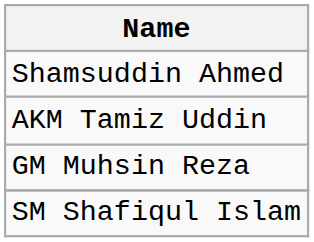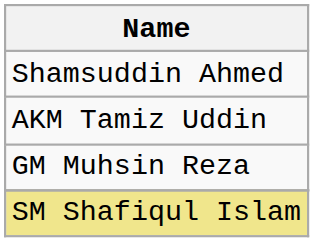 <table class="wikitable">
 <tr>
 <th>Name</th>
 </tr>
 <tr>
 <td>Shamsuddin Ahmed</td>
 </tr>
 <tr>
 <td>AKM Tamiz Uddin</td>
 </tr>
 <tr>
 <td>GM Muhsin Reza</td>
 </tr>
 <tr AKM Tamiz Uddin>
 </tr>
 <tr>
-<td>SM Shafiqul Islam</td>
+<td style="background: khaki;">SM Shafiqul Islam</td>
 </tr>
 </table>
